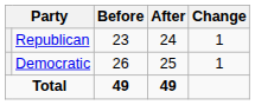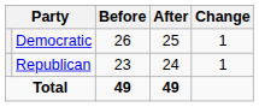 <table class="wikitable" style="text-align:center;">
 <tr>
 <th colspan="2">Party</th>
 <th>Before</th>
 <th>After</th>
 <th>Change</th>
 </tr>
 <tr>
 <th style="background-color:"></th>
-<td style="text-align:left;"><a href='#'>Republican</a></td>
-<td>23</td>
-<td>24</td>
+<td style="text-align:left;"><a href='#'>Democratic</a></td>
+<td>26</td>
+<td>25</td>
 <td> 1</td>
 </tr>
 <tr>
 <th style="background-color:"></th>
-<td style="text-align:left;"><a href='#'>Democratic</a></td>
-<td>26</td>
-<td>25</td>
+<td style="text-align:left;"><a href='#'>Republican</a></td>
+<td>23</td>
+<td>24</td>
 <td> 1</td>
 </tr>
 <tr>
 <td colspan="2"><strong>Total</strong></td>
 <td><strong>49</strong></td>
 <td><strong>49</strong></td>
 <td></td>
 </tr>
 </table>
